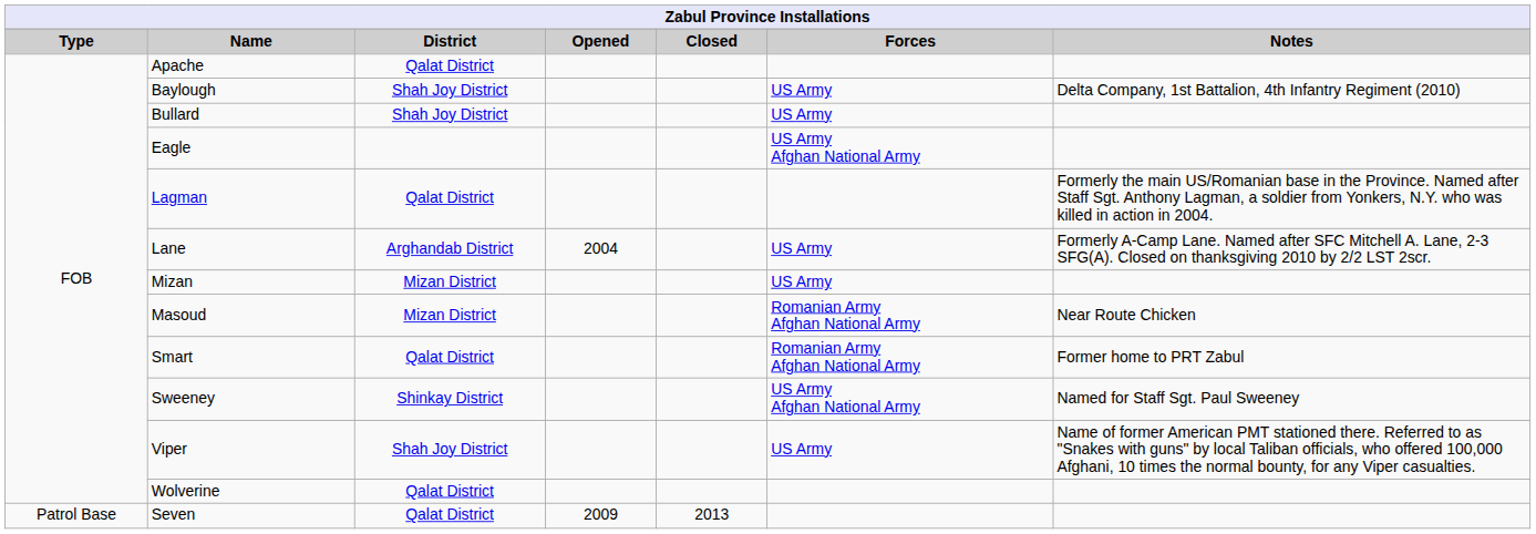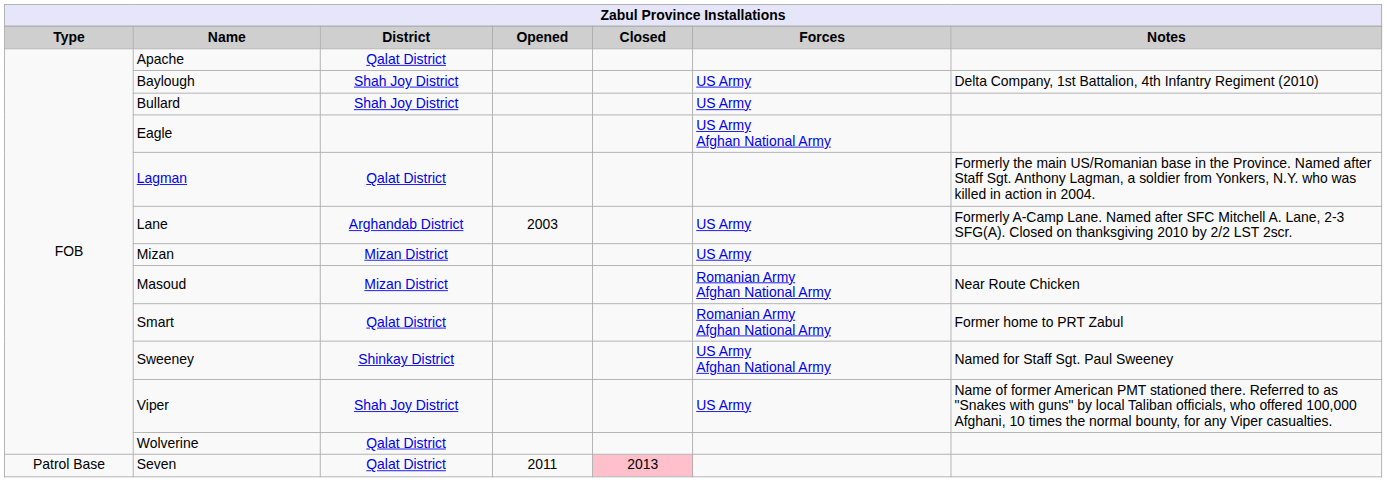 <table class="wikitable sortable" width="100%">
 <tr>
 <th style="align: center; background: lavender" colspan="7"><strong>Zabul Province Installations</strong></th>
 </tr>
 <tr style="background:#efefef; color:black">
 </tr>
 <tr>
 <th style="background-color:#cfcfcf;" align="center" width="9%" align="center">Type</th>
 <th style="background-color:#cfcfcf;" align="center" width="13%">Name</th>
 <th style="background-color:#cfcfcf;" align="center" width="12%">District</th>
 <th style="background-color:#cfcfcf;" align="center" width="7%">Opened</th>
 <th style="background-color:#cfcfcf;" align="center" width="7%">Closed</th>
 <th style="background-color:#cfcfcf;" align="center" width="18%" class="unsortable">Forces</th>
 <th style="background-color:#cfcfcf;" align="center" width="30%" class="unsortable">Notes</th>
 </tr>
 <tr>
 <td rowspan="12" align="center">FOB</td>
 <td>Apache</td>
 <td align="center"><a href='#'>Qalat District</a></td>
 <td align="center"></td>
 <td align="center"></td>
 <td></td>
 <td></td>
 </tr>
 <tr>
 <td>Baylough</td>
 <td align="center"><a href='#'>Shah Joy District</a></td>
 <td align="center"></td>
 <td align="center"></td>
 <td> <a href='#'>US Army</a></td>
 <td>Delta Company, 1st Battalion, 4th Infantry Regiment (2010)</td>
 </tr>
 <tr>
 <td>Bullard</td>
 <td align="center"><a href='#'>Shah Joy District</a></td>
 <td align="center"></td>
 <td align="center"></td>
 <td> <a href='#'>US Army</a></td>
 <td></td>
 </tr>
 <tr>
 <td>Eagle</td>
 <td align="center"></td>
 <td align="center"></td>
 <td align="center"></td>
 <td> <a href='#'>US Army</a><br> <a href='#'>Afghan National Army</a></td>
 </tr>
 <tr>
 <td><a href='#'>Lagman</a></td>
 <td align="center"><a href='#'>Qalat District</a></td>
 <td align="center"></td>
 <td align="center"></td>
 <td></td>
 <td>  Formerly the main US/Romanian base in the Province. Named after Staff Sgt. Anthony Lagman, a soldier from Yonkers, N.Y. who was killed in action in 2004.</td>
 </tr>
 <tr>
 <td>Lane</td>
 <td align="center"><a href='#'>Arghandab District</a></td>
-<td align="center">2004</td>
+<td align="center">2003</td>
 <td align="center"></td>
 <td> <a href='#'>US Army</a></td>
 <td>Formerly A-Camp Lane. Named after SFC Mitchell A. Lane, 2-3 SFG(A). Closed on thanksgiving 2010 by 2/2 LST 2scr.</td>
 </tr>
 <tr>
 <td>Mizan</td>
 <td align="center"><a href='#'>Mizan District</a></td>
 <td align="center"></td>
 <td align="center"></td>
 <td> <a href='#'>US Army</a></td>
 <td></td>
 </tr>
 <tr>
 <td>Masoud</td>
 <td align="center"><a href='#'>Mizan District</a></td>
 <td align="center"></td>
 <td align="center"></td>
 <td> <a href='#'>Romanian Army</a><br> <a href='#'>Afghan National Army</a></td>
 <td>Near Route Chicken</td>
 </tr>
 <tr>
 <td>Smart</td>
 <td align="center"><a href='#'>Qalat District</a></td>
 <td align="center"></td>
 <td align="center"></td>
 <td> <a href='#'>Romanian Army</a><br> <a href='#'>Afghan National Army</a></td>
 <td>Former home to PRT Zabul</td>
 </tr>
 <tr>
 <td>Sweeney</td>
 <td align="center"><a href='#'>Shinkay District</a></td>
 <td align="center"></td>
 <td align="center"></td>
 <td> <a href='#'>US Army</a><br> <a href='#'>Afghan National Army</a></td>
 <td>Named for Staff Sgt. Paul Sweeney</td>
 </tr>
 <tr>
 <td>Viper</td>
 <td align="center"><a href='#'>Shah Joy District</a></td>
 <td align="center"></td>
 <td align="center"></td>
 <td> <a href='#'>US Army</a></td>
 <td>Name of former American PMT stationed there. Referred to as "Snakes with guns" by local Taliban officials, who offered 100,000 Afghani, 10 times the normal bounty, for any Viper casualties.</td>
 </tr>
 <tr>
 <td>Wolverine</td>
 <td align="center"><a href='#'>Qalat District</a></td>
 <td align="center"></td>
 <td align="center"></td>
 <td></td>
 <td></td>
 </tr>
 <tr>
 <td align="center">Patrol Base</td>
 <td>Seven</td>
 <td align="center"><a href='#'>Qalat District</a></td>
-<td align="center">2009</td>
-<td align="center">2013</td>
+<td align="center">2011</td>
+<td align="center" style="background: pink;">2013</td>
 <td></td>
 <td></td>
 </tr>
 </table>
